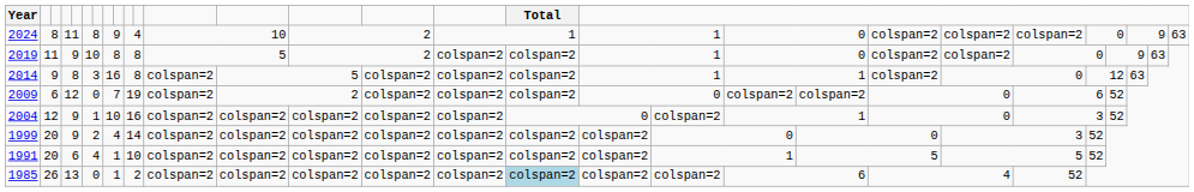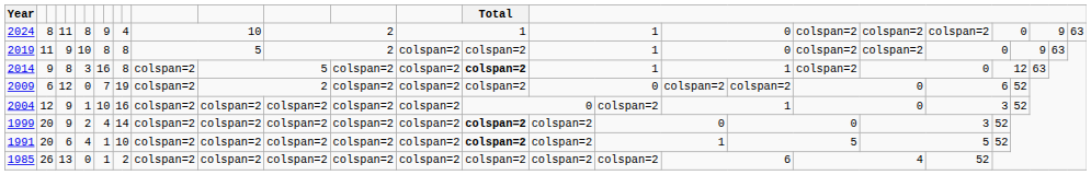 <table class="wikitable" style="text-align:right; padding-left:1em">
 <tr>
 <th align="left">Year</th>
 <td></td>
 <td></td>
 <td></td>
 <td></td>
 <td></td>
 <td></td>
 <td></td>
 <td></td>
 <td></td>
 <td></td>
 <td></td>
 <td></td>
 <td></td>
 <td></td>
 <td></td>
 <th align="left">Total</th>
 </tr>
 <tr>
 <td><a href='#'>2024</a></td>
 <td colspan=2>8</td>
 <td colspan=2>11</td>
 <td colspan=2>8</td>
 <td colspan=2>9</td>
 <td colspan=2>4</td>
 <td colspan=2>10</td>
 <td colspan=2>2</td>
 <td colspan=2>1</td>
 <td colspan=2>1</td>
 <td colspan=2>0</td>
 <td>colspan=2 </td>
 <td>colspan=2 </td>
 <td>colspan=2 </td>
 <td colspan=2>0</td>
 <td colspan=2>9</td>
 <td>63</td>
 </tr>
 <tr>
 <td align=left><a href='#'>2019</a></td>
 <td colspan=2>11</td>
 <td colspan=2>9</td>
 <td colspan=2>10</td>
 <td colspan=2>8</td>
 <td colspan=2>8</td>
 <td colspan=2>5</td>
 <td colspan=2>2</td>
 <td>colspan=2 </td>
 <td>colspan=2 </td>
 <td colspan=2>1</td>
 <td colspan=2>0</td>
 <td>colspan=2 </td>
 <td>colspan=2 </td>
 <td colspan=2>0</td>
 <td colspan=2>9</td>
 <td>63</td>
 </tr>
 <tr>
 <td align=left><a href='#'>2014</a></td>
 <td colspan=2>9</td>
 <td colspan=2>8</td>
 <td colspan=2>3</td>
 <td colspan=2>16</td>
 <td colspan=2>8</td>
 <td>colspan=2 </td>
 <td colspan=2>5</td>
 <td>colspan=2 </td>
 <td>colspan=2 </td>
-<td>colspan=2 </td>
+<td><strong>colspan=2 </strong></td>
 <td colspan=2>1</td>
 <td colspan=2>1</td>
 <td>colspan=2 </td>
 <td colspan=2>0</td>
 <td colspan=2>12</td>
 <td>63</td>
 </tr>
 <tr>
 <td align=left><a href='#'>2009</a></td>
 <td colspan=2>6</td>
 <td colspan=2>12</td>
 <td colspan=2>0</td>
 <td colspan=2>7</td>
 <td colspan=2>19</td>
 <td>colspan=2 </td>
 <td colspan=2>2</td>
 <td>colspan=2 </td>
 <td>colspan=2 </td>
 <td>colspan=2 </td>
 <td colspan=2>0</td>
 <td>colspan=2 </td>
 <td>colspan=2 </td>
 <td colspan=2>0</td>
 <td colspan=2>6</td>
 <td>52</td>
 </tr>
 <tr>
 <td align=left><a href='#'>2004</a></td>
 <td colspan=2>12</td>
 <td colspan=2>9</td>
 <td colspan=2>1</td>
 <td colspan=2>10</td>
 <td colspan=2>16</td>
 <td>colspan=2 </td>
 <td>colspan=2 </td>
 <td>colspan=2 </td>
 <td>colspan=2 </td>
 <td>colspan=2 </td>
 <td colspan=2>0</td>
 <td>colspan=2 </td>
 <td colspan=2>1</td>
 <td colspan=2>0</td>
 <td colspan=2>3</td>
 <td>52</td>
 </tr>
 <tr>
 <td align=left><a href='#'>1999</a></td>
 <td colspan=2>20</td>
 <td colspan=2>9</td>
 <td colspan=2>2</td>
 <td colspan=2>4</td>
 <td colspan=2>14</td>
 <td>colspan=2 </td>
 <td>colspan=2 </td>
 <td>colspan=2 </td>
 <td>colspan=2 </td>
 <td>colspan=2 </td>
-<td>colspan=2 </td>
+<td><strong>colspan=2 </strong></td>
 <td>colspan=2 </td>
 <td colspan=2>0</td>
 <td colspan=2>0</td>
 <td colspan=2>3</td>
 <td>52</td>
 </tr>
 <tr>
 <td align=left><a href='#'>1991</a></td>
 <td colspan=2>20</td>
 <td colspan=2>6</td>
 <td colspan=2>4</td>
 <td colspan=2>1</td>
 <td colspan=2>10</td>
 <td>colspan=2 </td>
 <td>colspan=2 </td>
 <td>colspan=2 </td>
 <td>colspan=2 </td>
 <td>colspan=2 </td>
-<td>colspan=2 </td>
+<td><strong>colspan=2 </strong></td>
 <td>colspan=2 </td>
 <td colspan=2>1</td>
 <td colspan=2>5</td>
 <td colspan=2>5</td>
 <td>52</td>
 </tr>
 <tr>
 <td align=left><a href='#'>1985</a></td>
 <td colspan=2>26</td>
 <td colspan=2>13</td>
 <td colspan=2>0</td>
 <td colspan=2>1</td>
 <td colspan=2>2</td>
 <td>colspan=2 </td>
 <td>colspan=2 </td>
 <td>colspan=2 </td>
 <td>colspan=2 </td>
 <td>colspan=2 </td>
-<td style="background: lightblue;">colspan=2 </td>
+<td>colspan=2 </td>
 <td>colspan=2 </td>
 <td>colspan=2 </td>
 <td colspan=2>6</td>
 <td colspan=2>4</td>
 <td>52</td>
 </tr>
 </table>
